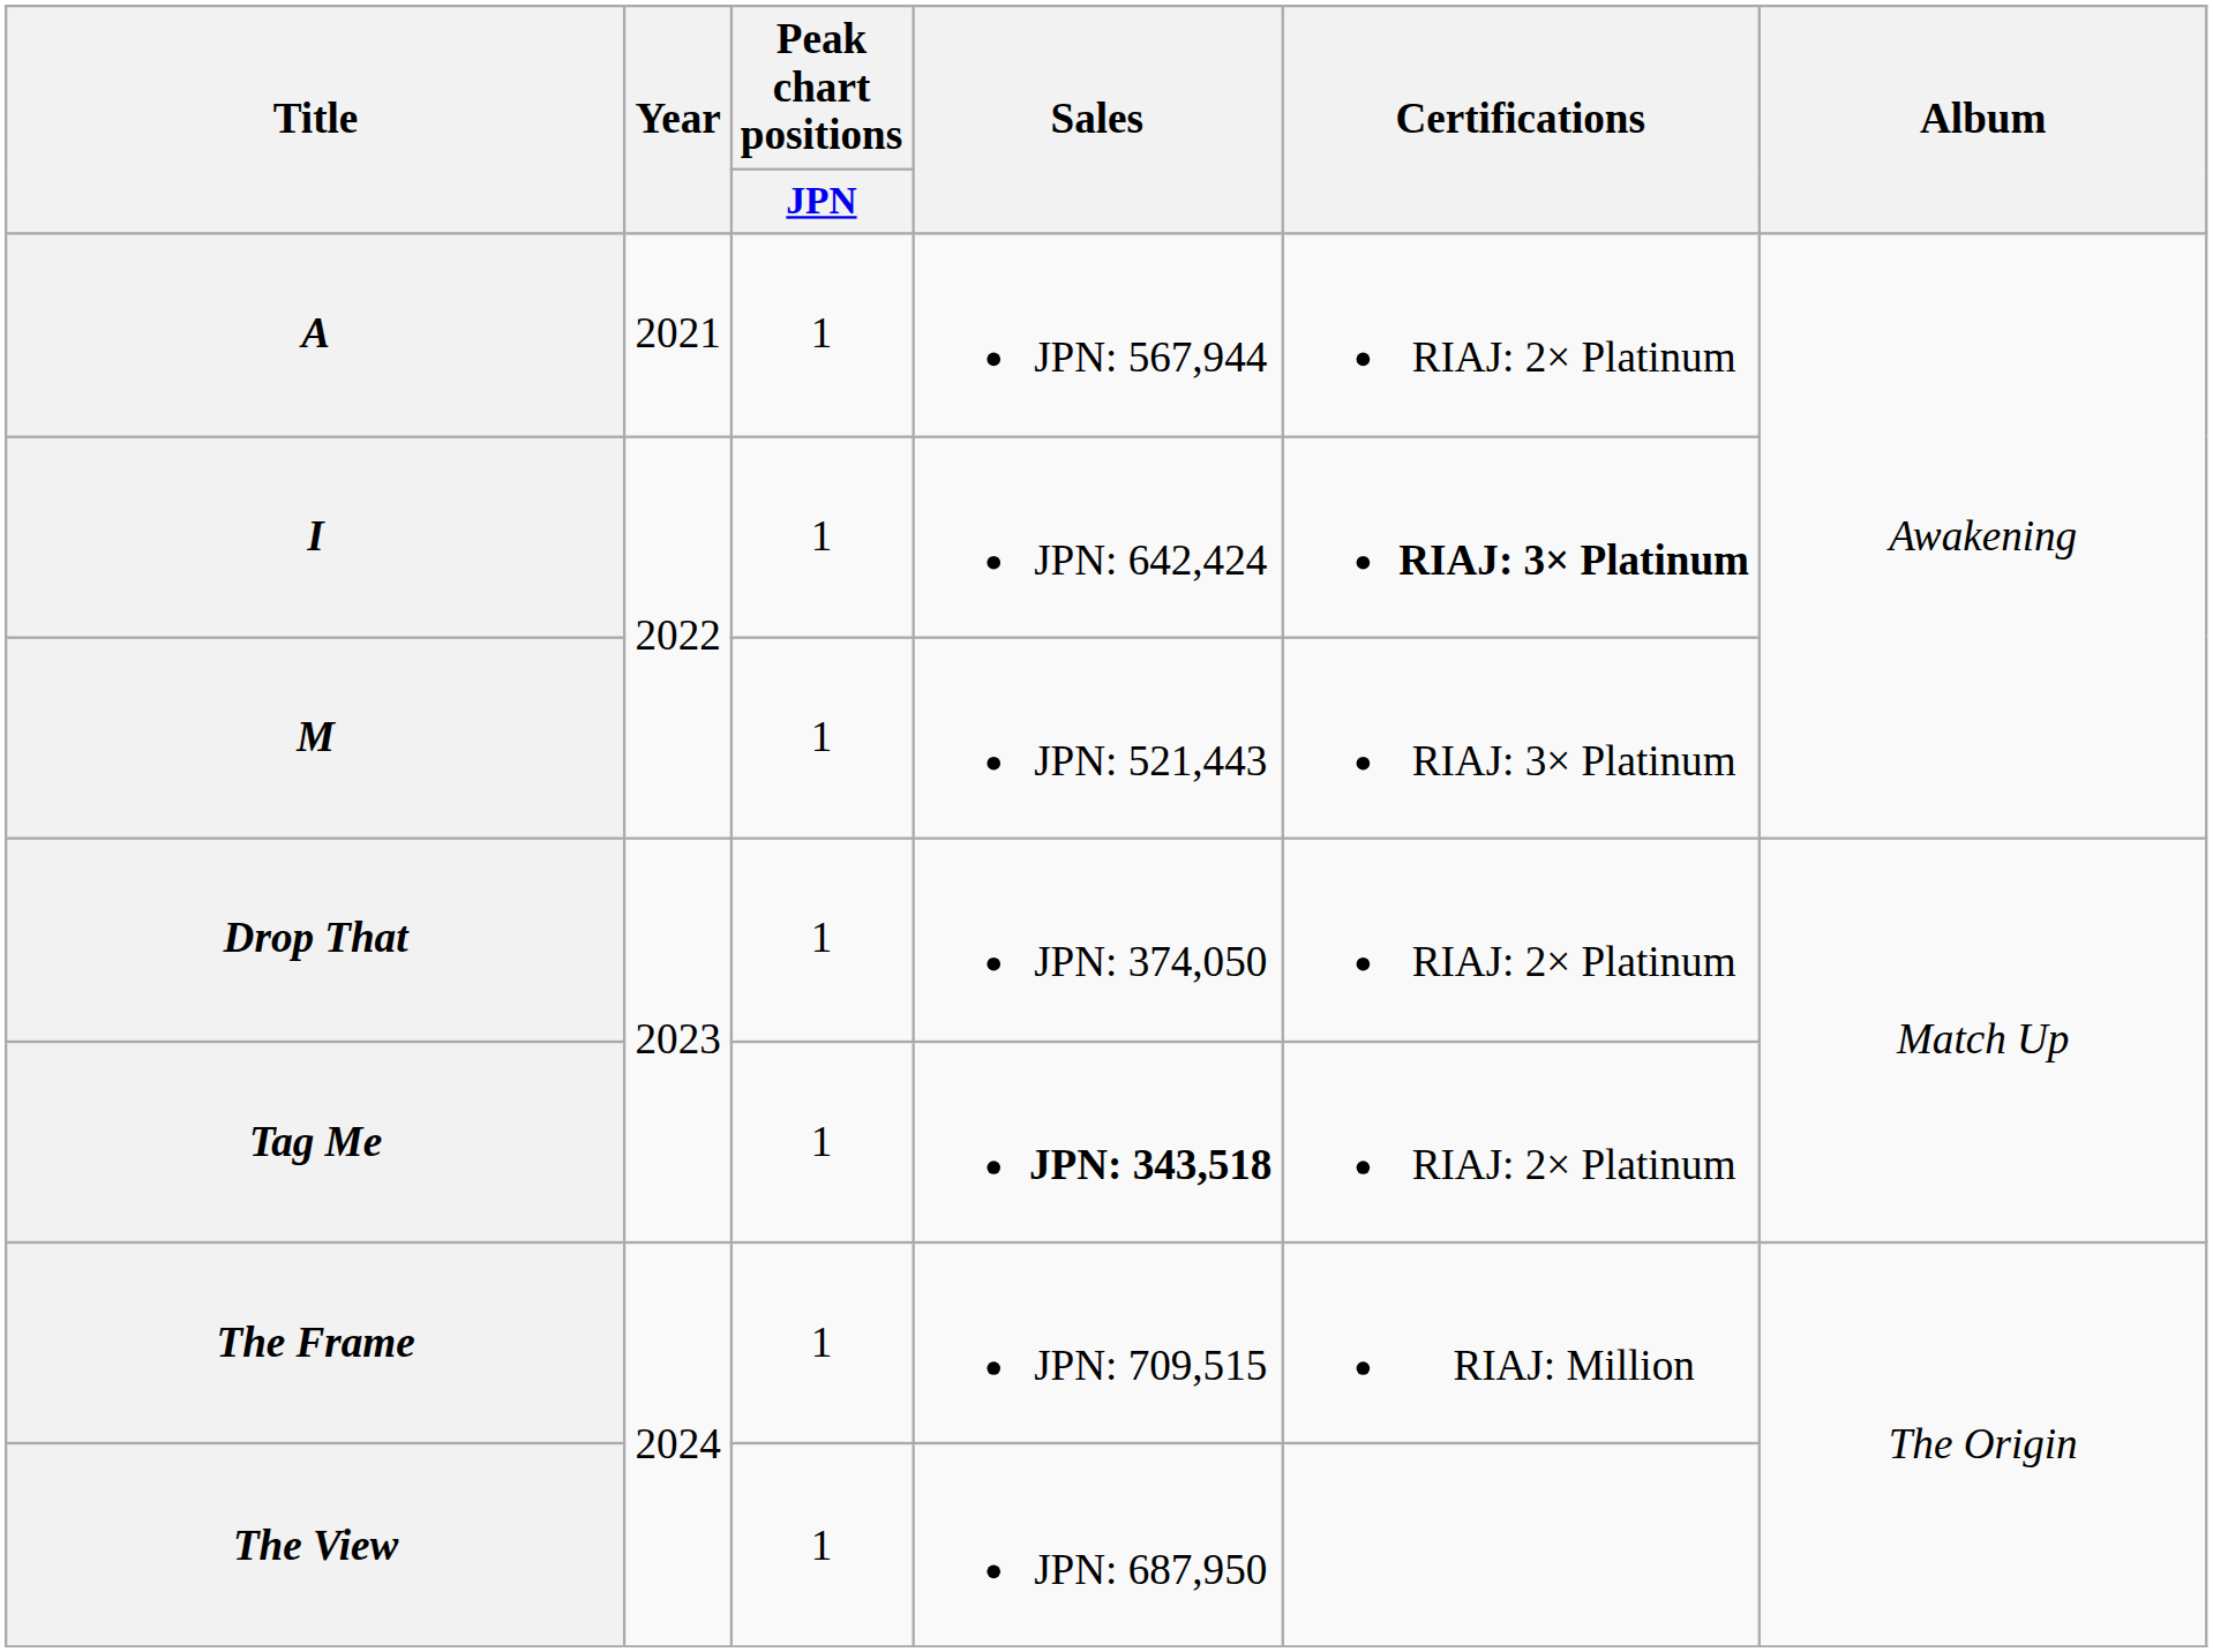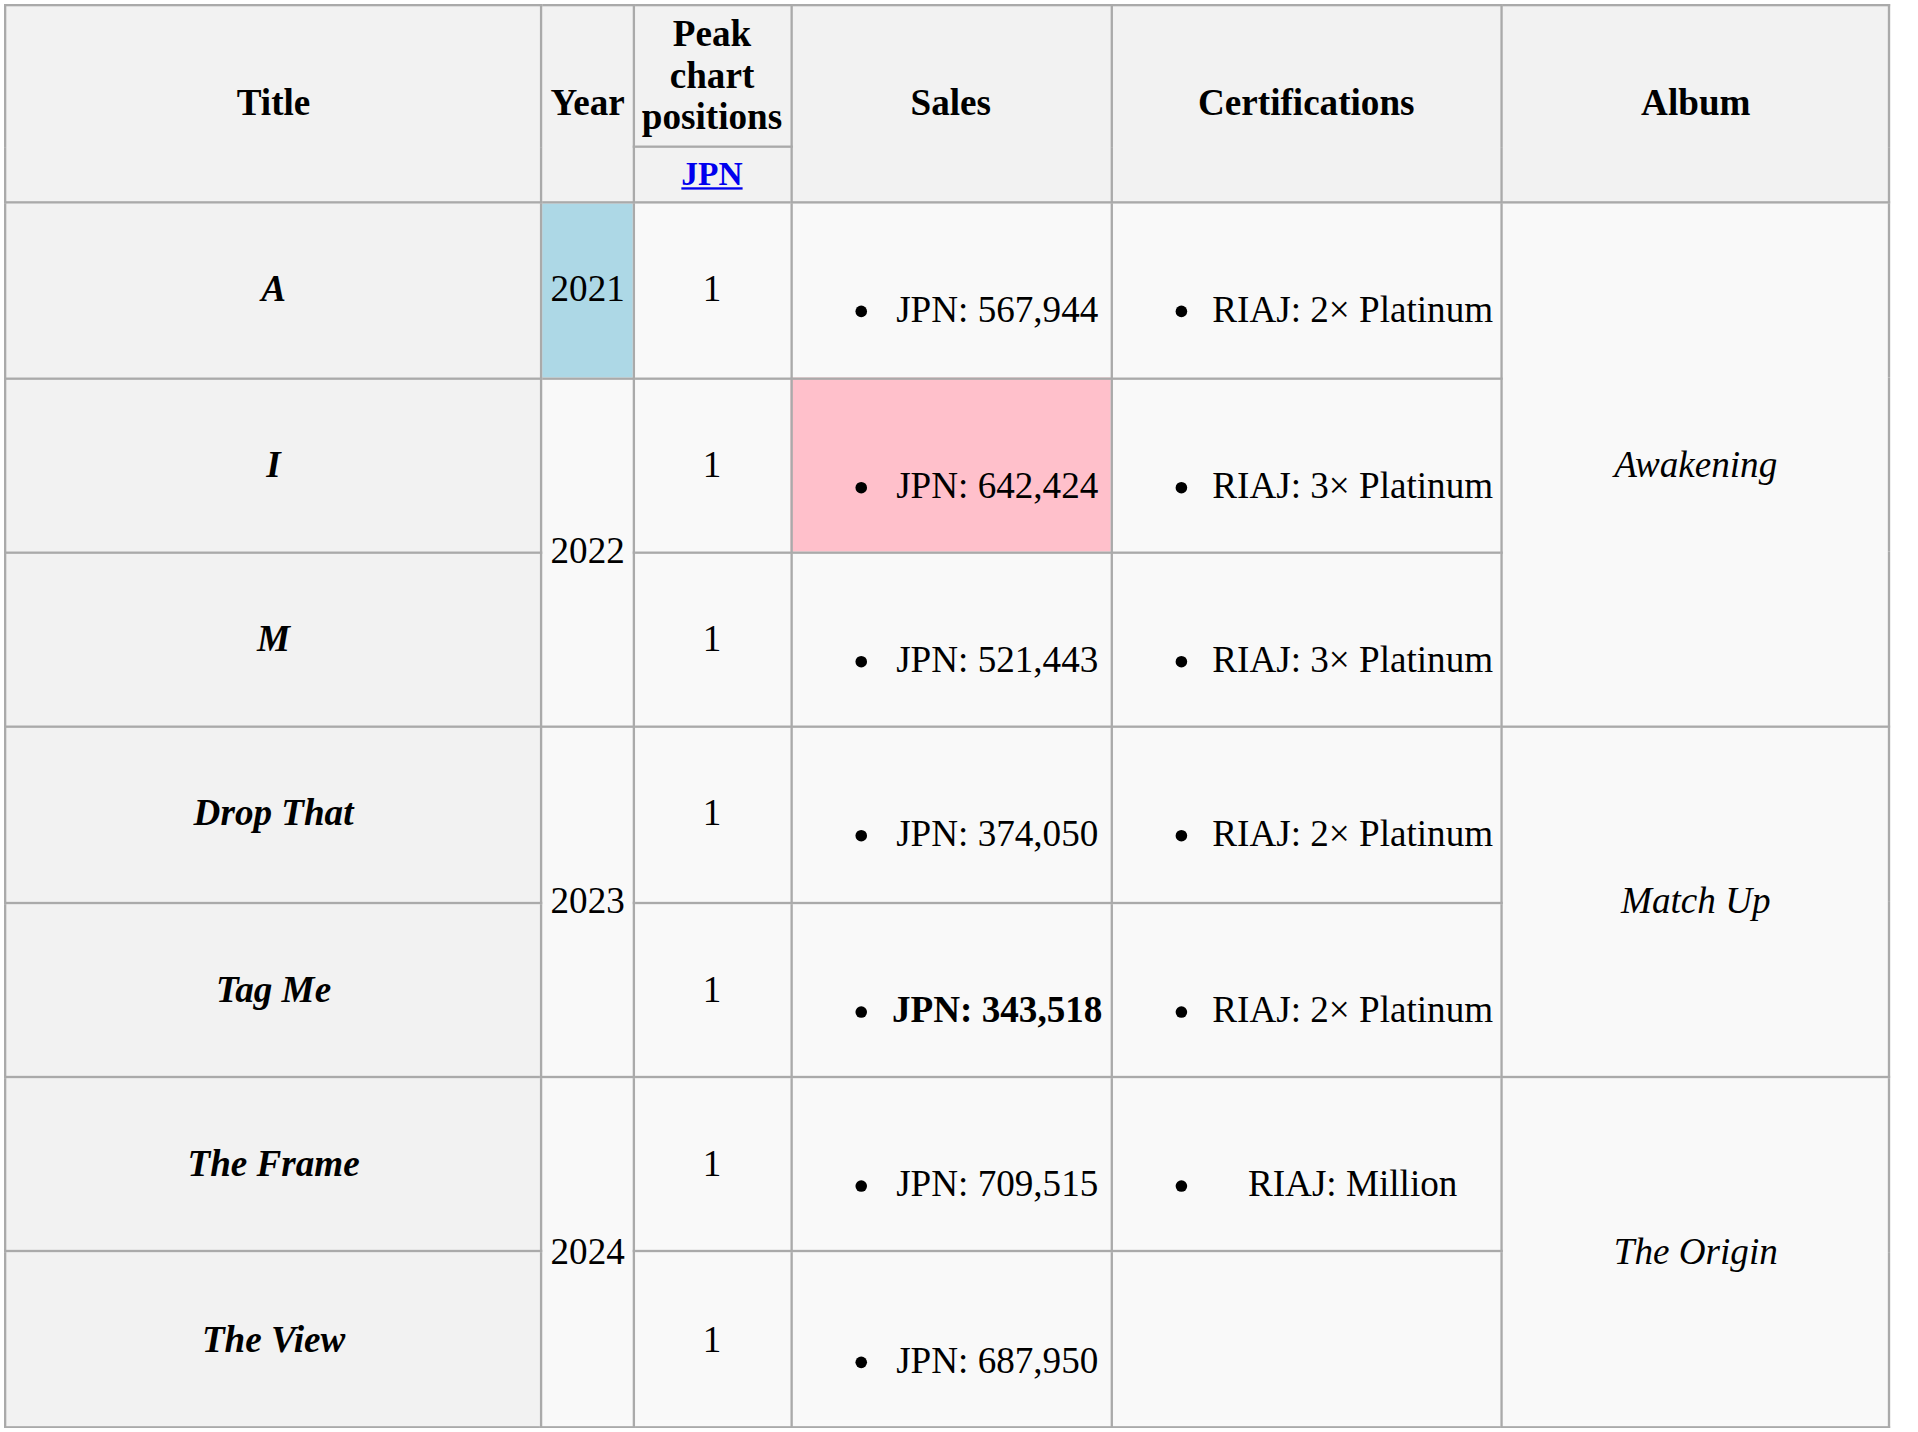 <table class="wikitable plainrowheaders" style="text-align:center;">
 <tr>
 <th scope="col" rowspan="2" style="width:14em;">Title</th>
 <th scope="col" rowspan="2" style="width:2em;">Year</th>
 <th scope="col">Peak chart positions</th>
 <th scope="col" rowspan="2">Sales</th>
 <th scope="col" rowspan="2">Certifications</th>
 <th scope="col" rowspan="2" style="width:10em;">Album</th>
 </tr>
 <tr>
 <th scope="col" style="width:2.5em;font-size:90%;"><a href='#'>JPN</a><br></th>
 </tr>
 <tr>
 <th scope="row"><em>A</em></th>
-<td>2021</td>
+<td style="background: lightblue;">2021</td>
 <td>1</td>
 <td><br><ul><li>JPN: 567,944</li></ul></td>
 <td><br><ul><li>RIAJ: 2× Platinum </li></ul></td>
 <td rowspan="3"><em>Awakening</em></td>
 </tr>
 <tr>
 <th scope="row"><em>I</em></th>
 <td rowspan="2">2022</td>
 <td>1</td>
-<td><br><ul><li>JPN: 642,424</li></ul></td>
-<td><strong><br><ul><li>RIAJ: 3× Platinum </li></ul></strong></td>
+<td style="background: pink;"><br><ul><li>JPN: 642,424</li></ul></td>
+<td><br><ul><li>RIAJ: 3× Platinum </li></ul></td>
 </tr>
 <tr>
 <th scope="row"><em>M</em></th>
 <td>1</td>
 <td><br><ul><li>JPN: 521,443</li></ul></td>
 <td><br><ul><li>RIAJ: 3× Platinum </li></ul></td>
 </tr>
 <tr>
 <th scope="row"><em>Drop That</em></th>
 <td rowspan="2">2023</td>
 <td>1</td>
 <td><br><ul><li>JPN: 374,050</li></ul></td>
 <td><br><ul><li>RIAJ: 2× Platinum </li></ul></td>
 <td rowspan="2"><em>Match Up</em></td>
 </tr>
 <tr>
 <th scope="row"><em>Tag Me</em></th>
 <td>1</td>
 <td><strong><br><ul><li>JPN: 343,518</li></ul></strong></td>
 <td><br><ul><li>RIAJ: 2× Platinum </li></ul></td>
 </tr>
 <tr>
 <th scope="row"><em>The Frame</em></th>
 <td rowspan="2">2024</td>
 <td>1</td>
 <td><br><ul><li>JPN: 709,515</li></ul></td>
 <td><br><ul><li>RIAJ: Million </li></ul></td>
 <td rowspan="2"><em>The Origin</em></td>
 </tr>
 <tr>
 <th scope="row"><em>The View</em></th>
 <td>1</td>
 <td><br><ul><li>JPN: 687,950</li></ul></td>
 <td></td>
 </tr>
 </table>
